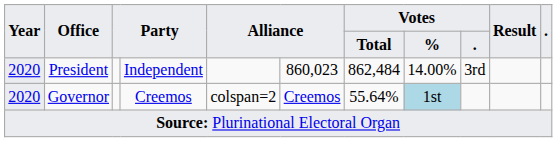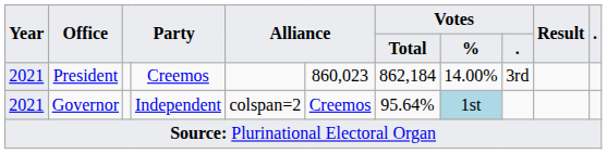 <table class="wikitable" style="font-size:90%; text-align:center;">
 <tr>
 <th style="background-color:#EAECF0;" rowspan=2>Year</th>
 <th style="background-color:#EAECF0;" rowspan=2>Office</th>
 <th style="background-color:#EAECF0;" colspan=2 rowspan=2>Party</th>
 <th style="background-color:#EAECF0;" colspan=2 rowspan=2>Alliance</th>
 <th style="background-color:#EAECF0;" colspan=3>Votes</th>
 <th style="background-color:#EAECF0;" rowspan=2>Result</th>
 <th style="background-color:#EAECF0;" rowspan=2>.</th>
 </tr>
 <tr>
 <th style="background-color:#EAECF0;">Total</th>
 <th style="background-color:#EAECF0;">%</th>
 <th style="background-color:#EAECF0;">.</th>
 </tr>
 <tr>
-<td style="background-color:#EAECF0;"><a href='#'>2020</a></td>
+<td style="background-color:#EAECF0;"><a href='#'>2021</a></td>
 <td><a href='#'>President</a></td>
 <td style="background-color:"></td>
-<td><a href='#'>Independent</a></td>
+<td><a href='#'>Creemos</a></td>
 <td style="background-color:"></td>
 <td>860,023</td>
-<td>862,484</td>
+<td>862,184</td>
 <td>14.00%</td>
 <td>3rd</td>
 <td></td>
 <td></td>
 </tr>
 <tr>
-<td style="background-color:#EAECF0;"><a href='#'>2020</a></td>
+<td style="background-color:#EAECF0;"><a href='#'>2021</a></td>
 <td><a href='#'>Governor</a></td>
 <td style="background-color:"></td>
-<td><a href='#'>Creemos</a></td>
+<td><a href='#'>Independent</a></td>
 <td>colspan=2 </td>
 <td><a href='#'>Creemos</a></td>
-<td>55.64%</td>
+<td>95.64%</td>
 <td style="background: lightblue;">1st</td>
 <td></td>
 <td></td>
 </tr>
 <tr>
 <td style="background-color:#EAECF0;" colspan=11><strong>Source:</strong> <a href='#'>Plurinational Electoral Organ</a>  </td>
 </tr>
 </table>
